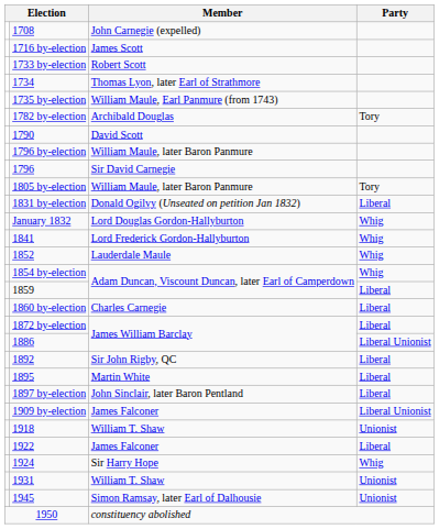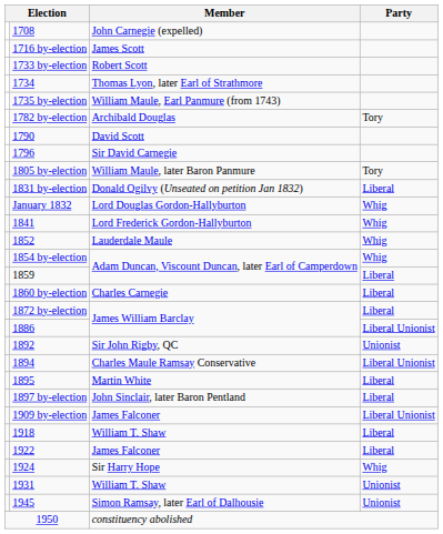 <table class="wikitable">
 <tr>
 <th colspan="2">Election</th>
 <th>Member</th>
 <th>Party</th>
 </tr>
 <tr>
 <td style="color:inherit;background-color: white"></td>
 <td><a href='#'>1708</a></td>
 <td><a href='#'>John Carnegie</a> (expelled)</td>
 <td></td>
 </tr>
 <tr>
 <td style="color:inherit;background-color: white"></td>
 <td><a href='#'>1716 by-election</a></td>
 <td><a href='#'>James Scott</a></td>
 <td></td>
 </tr>
 <tr>
 <td style="color:inherit;background-color: white"></td>
 <td><a href='#'>1733 by-election</a></td>
 <td><a href='#'>Robert Scott</a></td>
 <td></td>
 </tr>
 <tr>
 <td style="color:inherit;background-color: white"></td>
 <td><a href='#'>1734</a></td>
 <td><a href='#'>Thomas Lyon</a>, later <a href='#'>Earl of Strathmore</a></td>
 <td></td>
 </tr>
 <tr>
 <td style="color:inherit;background-color: white"></td>
 <td><a href='#'>1735 by-election</a></td>
 <td><a href='#'>William Maule</a>, <a href='#'>Earl Panmure</a> (from 1743)</td>
 <td></td>
 </tr>
 <tr>
 <td style="color:inherit;background-color: white"></td>
 <td><a href='#'>1782 by-election</a></td>
 <td><a href='#'>Archibald Douglas</a></td>
 <td> Tory</td>
 </tr>
 <tr>
 <td style="color:inherit;background-color: white"></td>
 <td><a href='#'>1790</a></td>
 <td><a href='#'>David Scott</a></td>
-<td></td>
-</tr>
-<tr>
-<td style="color:inherit;background-color: white"></td>
-<td><a href='#'>1796 by-election</a></td>
-<td><a href='#'>William Maule</a>, later Baron Panmure</td>
 <td></td>
 </tr>
 <tr>
 <td style="color:inherit;background-color: white"></td>
 <td><a href='#'>1796</a></td>
 <td><a href='#'>Sir David Carnegie</a></td>
 <td></td>
 </tr>
 <tr>
 <td style="color:inherit;background-color: "></td>
 <td><a href='#'>1805 by-election</a></td>
 <td><a href='#'>William Maule</a>, later Baron Panmure</td>
 <td> Tory</td>
 </tr>
 <tr>
 <td style="color:inherit;background-color: "></td>
 <td><a href='#'>1831 by-election</a></td>
 <td><a href='#'>Donald Ogilvy</a> (<em>Unseated on petition Jan 1832</em>)</td>
 <td><a href='#'>Liberal</a></td>
 </tr>
 <tr>
 <td style="color:inherit;background-color: "></td>
 <td><a href='#'>January 1832</a></td>
 <td><a href='#'>Lord Douglas Gordon-Hallyburton</a></td>
 <td><a href='#'>Whig</a></td>
 </tr>
 <tr>
 <td style="color:inherit;background-color: "></td>
 <td><a href='#'>1841</a></td>
 <td><a href='#'>Lord Frederick Gordon-Hallyburton</a></td>
 <td><a href='#'>Whig</a></td>
 </tr>
 <tr>
 <td style="color:inherit;background-color: "></td>
 <td><a href='#'>1852</a></td>
 <td><a href='#'>Lauderdale Maule</a></td>
 <td><a href='#'>Whig</a></td>
 </tr>
 <tr>
 <td style="color:inherit;background-color: "></td>
 <td><a href='#'>1854 by-election</a></td>
 <td rowspan="2"><a href='#'>Adam Duncan, Viscount Duncan</a>, later <a href='#'>Earl of Camperdown</a></td>
 <td><a href='#'>Whig</a></td>
 </tr>
 <tr>
 <td style="color:inherit;background-color: "></td>
 <td>1859</td>
 <td><a href='#'>Liberal</a></td>
 </tr>
 <tr>
 <td style="color:inherit;background-color: "></td>
 <td><a href='#'>1860 by-election</a></td>
 <td><a href='#'>Charles Carnegie</a></td>
 <td><a href='#'>Liberal</a></td>
 </tr>
 <tr>
 <td style="color:inherit;background-color: "></td>
 <td><a href='#'>1872 by-election</a></td>
 <td rowspan="2"><a href='#'>James William Barclay</a></td>
 <td><a href='#'>Liberal</a></td>
 </tr>
 <tr>
 <td style="color:inherit;background-color: "></td>
 <td><a href='#'>1886</a></td>
 <td><a href='#'>Liberal Unionist</a></td>
 </tr>
 <tr>
 <td style="color:inherit;background-color: "></td>
 <td><a href='#'>1892</a></td>
 <td><a href='#'>Sir John Rigby</a>, QC</td>
-<td><a href='#'>Liberal</a></td>
+<td><a href='#'>Unionist</a></td>
+</tr>
+<tr>
+<td style="color:inherit;background-color: "></td>
+<td><a href='#'>1894</a></td>
+<td><a href='#'>Charles Maule Ramsay</a> Conservative</td>
+<td><a href='#'>Liberal Unionist</a></td>
 </tr>
 <tr>
 <td style="color:inherit;background-color: "></td>
 <td><a href='#'>1895</a></td>
 <td><a href='#'>Martin White</a></td>
 <td><a href='#'>Liberal</a></td>
 </tr>
 <tr>
 <td style="color:inherit;background-color: "></td>
 <td><a href='#'>1897 by-election</a></td>
 <td><a href='#'>John Sinclair</a>, later Baron Pentland</td>
 <td><a href='#'>Liberal</a></td>
 </tr>
 <tr>
 <td style="color:inherit;background-color: "></td>
 <td><a href='#'>1909 by-election</a></td>
 <td><a href='#'>James Falconer</a></td>
 <td><a href='#'>Liberal Unionist</a></td>
 </tr>
 <tr>
 <td style="color:inherit;background-color: "></td>
 <td><a href='#'>1918</a></td>
 <td><a href='#'>William T. Shaw</a></td>
-<td><a href='#'>Unionist</a></td>
+<td><a href='#'>Liberal</a></td>
 </tr>
 <tr>
 <td style="color:inherit;background-color: "></td>
 <td><a href='#'>1922</a></td>
 <td><a href='#'>James Falconer</a></td>
 <td><a href='#'>Liberal</a></td>
 </tr>
 <tr>
 <td style="color:inherit;background-color: "></td>
 <td><a href='#'>1924</a></td>
 <td>Sir <a href='#'>Harry Hope</a></td>
 <td><a href='#'>Whig</a></td>
 </tr>
 <tr>
 <td style="color:inherit;background-color: "></td>
 <td><a href='#'>1931</a></td>
 <td><a href='#'>William T. Shaw</a></td>
 <td><a href='#'>Unionist</a></td>
 </tr>
 <tr>
 <td style="color:inherit;background-color: "></td>
 <td><a href='#'>1945</a></td>
 <td><a href='#'>Simon Ramsay</a>, later <a href='#'>Earl of Dalhousie</a></td>
 <td><a href='#'>Unionist</a></td>
 </tr>
 <tr>
 <td colspan="2" align="center"><a href='#'>1950</a></td>
 <td colspan="2"><em>constituency abolished</em></td>
 </tr>
 </table>
